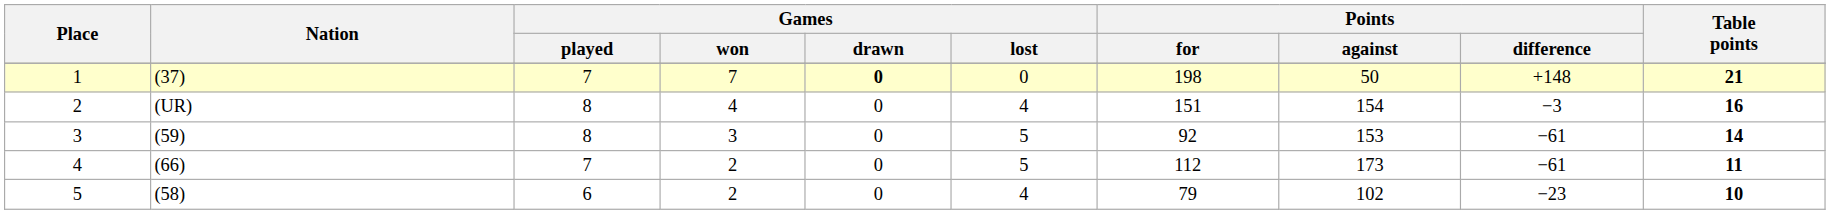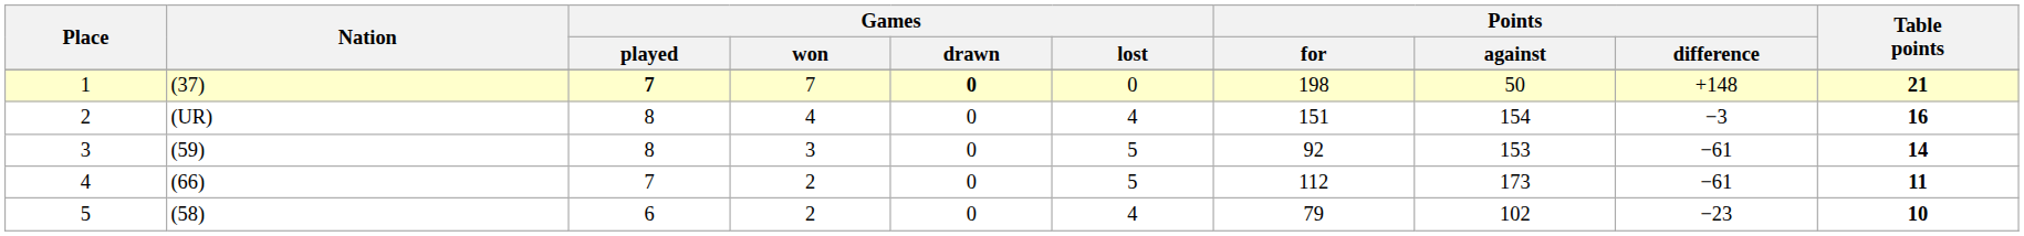 <table class="wikitable" width="100%">
 <tr>
 <th rowspan=2 width="8%">Place</th>
 <th rowspan=2 width="20%">Nation</th>
 <th colspan=4 width="32%">Games</th>
 <th colspan=3 width="30%">Points</th>
 <th rowspan=2 width="10%">Table<br>points</th>
 </tr>
 <tr>
 <th width="8%">played</th>
 <th width="8%">won</th>
 <th width="8%">drawn</th>
 <th width="8%">lost</th>
 <th width="10%">for</th>
 <th width="10%">against</th>
 <th width="10%">difference</th>
 </tr>
 <tr>
 </tr>
 <tr bgcolor=#ffffcc align=center>
 <td>1</td>
 <td align=left> (37)</td>
-<td>7</td>
+<td><strong>7</strong></td>
 <td>7</td>
 <td><strong>0</strong></td>
 <td>0</td>
 <td>198</td>
 <td>50</td>
 <td>+148</td>
 <td><strong>21</strong></td>
 </tr>
 <tr bgcolor=#ffffff align=center>
 <td>2</td>
 <td align=left> (UR)</td>
 <td>8</td>
 <td>4</td>
 <td>0</td>
 <td>4</td>
 <td>151</td>
 <td>154</td>
 <td>−3</td>
 <td><strong>16</strong></td>
 </tr>
 <tr bgcolor=#ffffff align=center>
 <td>3</td>
 <td align=left> (59)</td>
 <td>8</td>
 <td>3</td>
 <td>0</td>
 <td>5</td>
 <td>92</td>
 <td>153</td>
 <td>−61</td>
 <td><strong>14</strong></td>
 </tr>
 <tr bgcolor=#ffffff align=center>
 <td>4</td>
 <td align=left> (66)</td>
 <td>7</td>
 <td>2</td>
 <td>0</td>
 <td>5</td>
 <td>112</td>
 <td>173</td>
 <td>−61</td>
 <td><strong>11</strong></td>
 </tr>
 <tr bgcolor=#ffffff align=center>
 <td>5</td>
 <td align=left> (58)</td>
 <td>6</td>
 <td>2</td>
 <td>0</td>
 <td>4</td>
 <td>79</td>
 <td>102</td>
 <td>−23</td>
 <td><strong>10</strong></td>
 </tr>
 </table>
